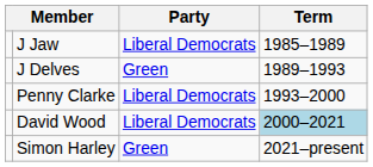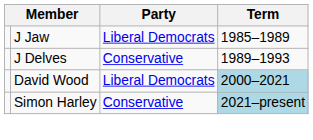 <table class="wikitable">
 <tr>
 <th colspan="2">Member</th>
 <th>Party</th>
 <th>Term</th>
 </tr>
 <tr>
 <td style="background-color: "></td>
 <td>J Jaw</td>
 <td><a href='#'>Liberal Democrats</a></td>
 <td>1985–1989</td>
 </tr>
 <tr>
 <td style="background-color: "></td>
 <td>J Delves</td>
-<td><a href='#'>Green</a></td>
+<td><a href='#'>Conservative</a></td>
 <td>1989–1993</td>
-</tr>
-<tr>
-<td style="background-color: "></td>
-<td>Penny Clarke</td>
-<td><a href='#'>Liberal Democrats</a></td>
-<td>1993–2000</td>
 </tr>
 <tr>
 <td style="background-color: "></td>
 <td>David Wood</td>
 <td><a href='#'>Liberal Democrats</a></td>
 <td style="background: lightblue;">2000–2021</td>
 </tr>
 <tr>
 <td style="background-color: "></td>
 <td>Simon Harley</td>
-<td><a href='#'>Green</a></td>
-<td>2021–present</td>
+<td><a href='#'>Conservative</a></td>
+<td style="background: lightblue;">2021–present</td>
 </tr>
 </table>
